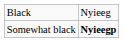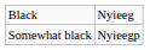 <table class="wikitable">
 <tr>
 <td>Black</td>
 <td>Nyieeg</td>
 </tr>
 <tr>
 <td>Somewhat black</td>
-<td><strong>Nyieegp</strong></td>
+<td>Nyieegp</td>
 </tr>
 </table>
